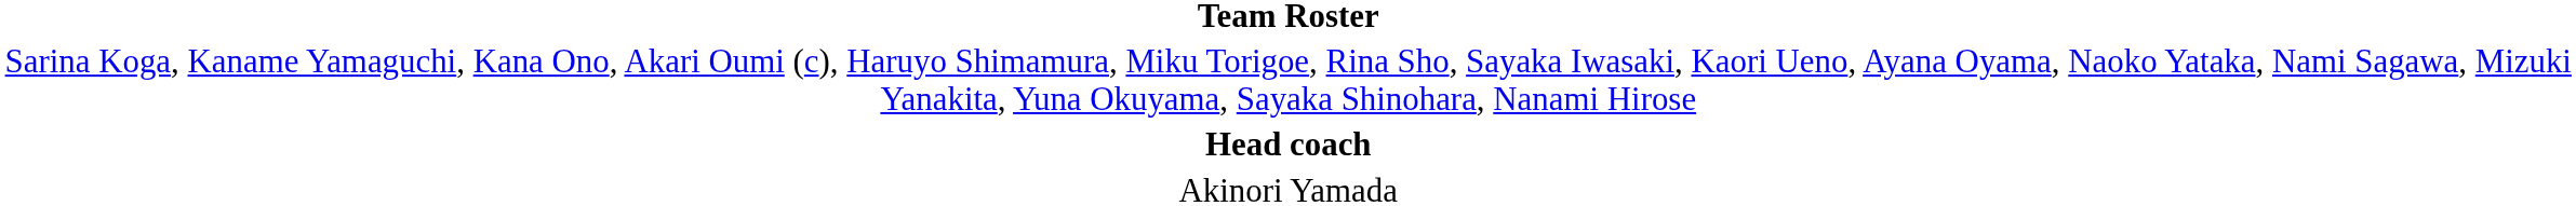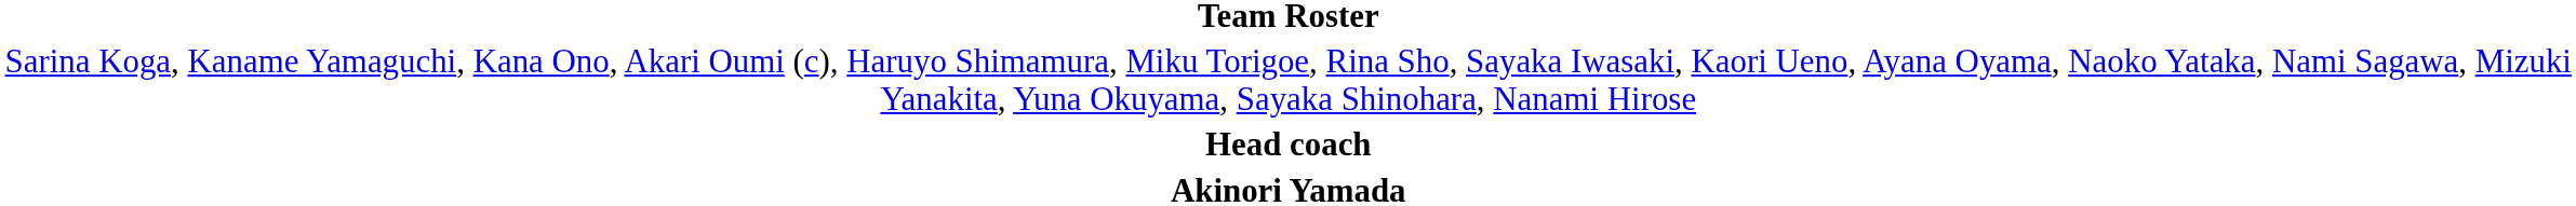 <table style="text-align: center; margin-top: 2em; margin-left: auto; margin-right: auto">
 <tr>
 <td><strong>Team Roster</strong></td>
 </tr>
 <tr>
 <td><a href='#'>Sarina Koga</a>, <a href='#'>Kaname Yamaguchi</a>, <a href='#'>Kana Ono</a>, <a href='#'>Akari Oumi</a> (<a href='#'>c</a>), <a href='#'>Haruyo Shimamura</a>, <a href='#'>Miku Torigoe</a>, <a href='#'>Rina Sho</a>, <a href='#'>Sayaka Iwasaki</a>, <a href='#'>Kaori Ueno</a>, <a href='#'>Ayana Oyama</a>, <a href='#'>Naoko Yataka</a>, <a href='#'>Nami Sagawa</a>, <a href='#'>Mizuki Yanakita</a>, <a href='#'>Yuna Okuyama</a>, <a href='#'>Sayaka Shinohara</a>, <a href='#'>Nanami Hirose</a></td>
 </tr>
 <tr>
 <td><strong>Head coach</strong></td>
 </tr>
 <tr>
-<td>Akinori Yamada</td>
+<td><strong>Akinori Yamada</strong></td>
 </tr>
 </table>
